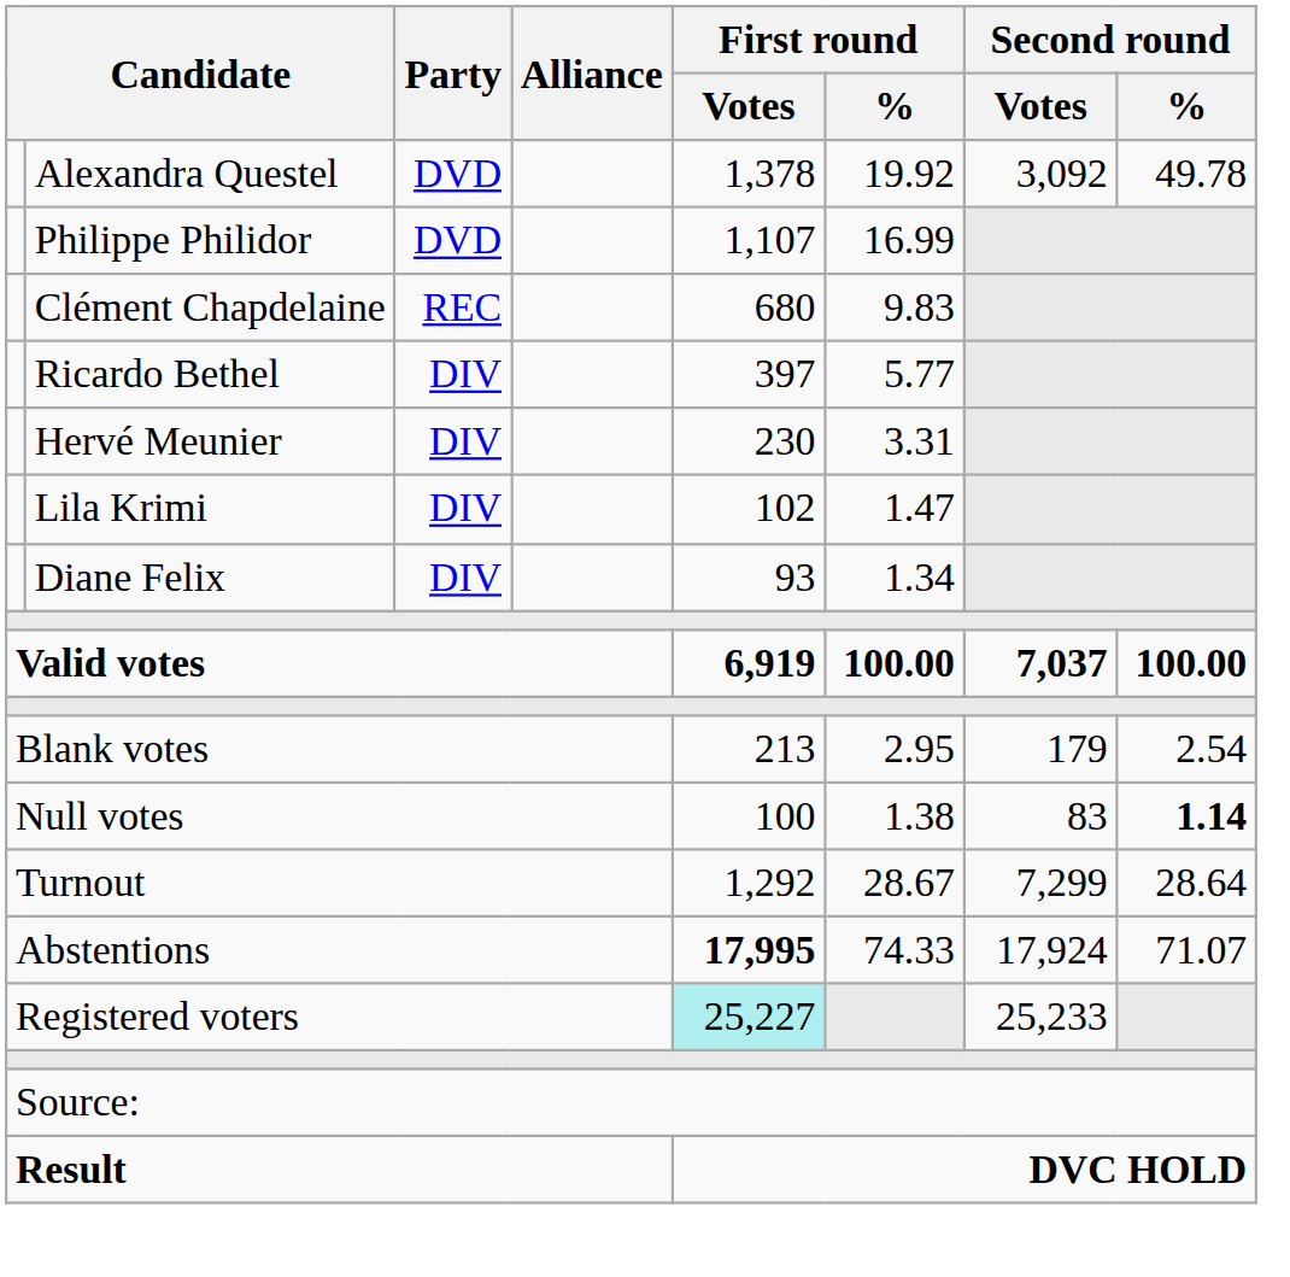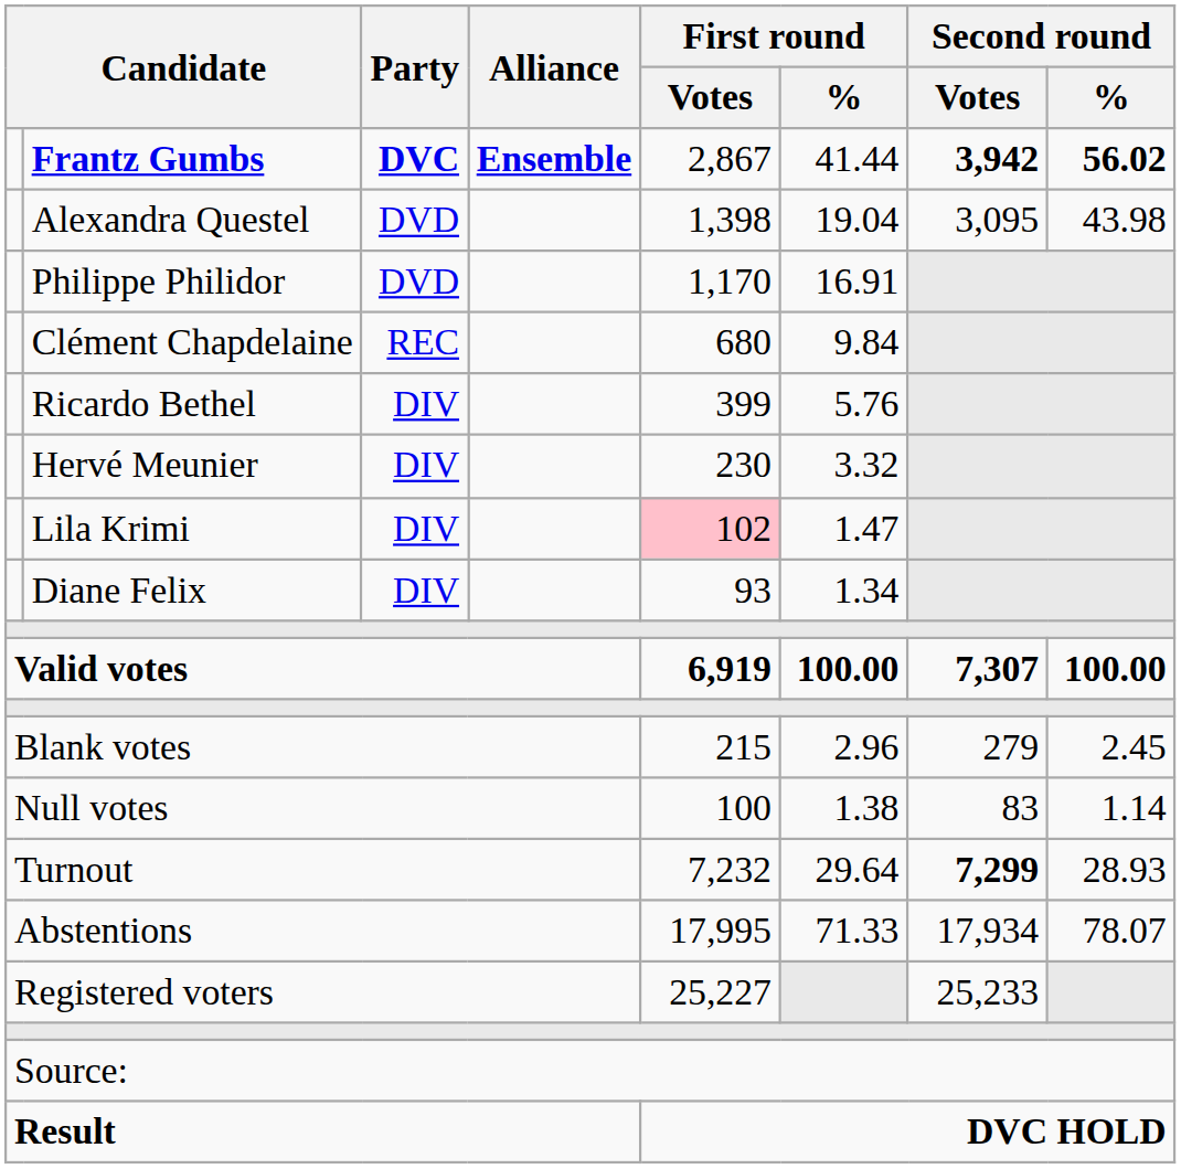 <table class="wikitable" style="text-align:right;font-size:95%;">
 <tr>
 <th colspan="2" rowspan="2">Candidate</th>
 <th colspan="1" rowspan="2">Party</th>
 <th colspan="1" rowspan="2">Alliance</th>
 <th colspan="2">First round</th>
 <th colspan="2">Second round</th>
 </tr>
 <tr>
 <th style="width:50px;">Votes</th>
 <th style="width:45px;">%</th>
 <th style="width:50px;">Votes</th>
 <th style="width:45px;">%</th>
 </tr>
 <tr>
 <td style="color:inherit;background:"></td>
+<td style="text-align:left;"><strong><a href='#'>Frantz Gumbs</a></strong></td>
+<td><a href='#'><strong>DVC</strong></a></td>
+<td><a href='#'><strong>Ensemble</strong></a></td>
+<td>2,867</td>
+<td>41.44</td>
+<td><strong>3,942</strong></td>
+<td><strong>56.02</strong></td>
+</tr>
+<tr>
+<td style="color:inherit;background:"></td>
 <td style="text-align:left;">Alexandra Questel</td>
 <td><a href='#'>DVD</a></td>
 <td></td>
-<td>1,378</td>
-<td>19.92</td>
-<td>3,092</td>
-<td>49.78</td>
+<td>1,398</td>
+<td>19.04</td>
+<td>3,095</td>
+<td>43.98</td>
 </tr>
 <tr>
 <td style="color:inherit;background:"></td>
 <td style="text-align:left;">Philippe Philidor</td>
 <td><a href='#'>DVD</a></td>
 <td></td>
-<td>1,107</td>
-<td>16.99</td>
+<td>1,170</td>
+<td>16.91</td>
 <td colspan="2" rowspan="1" style="background:#E9E9E9;"></td>
 </tr>
 <tr>
 <td style="color:inherit;background:"></td>
 <td style="text-align:left;">Clément Chapdelaine</td>
 <td><a href='#'>REC</a></td>
 <td></td>
 <td>680</td>
-<td>9.83</td>
+<td>9.84</td>
 <td colspan="2" rowspan="1" style="background:#E9E9E9;"></td>
 </tr>
 <tr>
 <td style="color:inherit;background:"></td>
 <td style="text-align:left;">Ricardo Bethel</td>
 <td><a href='#'>DIV</a></td>
 <td></td>
-<td>397</td>
-<td>5.77</td>
+<td>399</td>
+<td>5.76</td>
 <td colspan="2" rowspan="1" style="background:#E9E9E9;"></td>
 </tr>
 <tr>
 <td style="color:inherit;background:"></td>
 <td style="text-align:left;">Hervé Meunier</td>
 <td><a href='#'>DIV</a></td>
 <td></td>
 <td>230</td>
-<td>3.31</td>
+<td>3.32</td>
 <td colspan="2" rowspan="1" style="background:#E9E9E9;"></td>
 </tr>
 <tr>
 <td style="color:inherit;background:"></td>
 <td style="text-align:left;">Lila Krimi</td>
 <td><a href='#'>DIV</a></td>
 <td></td>
-<td>102</td>
+<td style="background: pink;">102</td>
 <td>1.47</td>
 <td colspan="2" rowspan="1" style="background:#E9E9E9;"></td>
 </tr>
 <tr>
 <td style="color:inherit;background:"></td>
 <td style="text-align:left;">Diane Felix</td>
 <td><a href='#'>DIV</a></td>
 <td></td>
 <td>93</td>
 <td>1.34</td>
 <td colspan="2" rowspan="1" style="background:#E9E9E9;"></td>
 </tr>
 <tr>
 <td colspan="8" style="background:#E9E9E9;"></td>
 </tr>
 <tr style="font-weight:bold;">
 <td colspan="4" style="text-align:left;">Valid votes</td>
 <td>6,919</td>
 <td>100.00</td>
-<td>7,037</td>
+<td>7,307</td>
 <td>100.00</td>
 </tr>
 <tr>
 <td colspan="8" style="background:#E9E9E9;"></td>
 </tr>
 <tr>
 <td colspan="4" style="text-align:left;">Blank votes</td>
-<td>213</td>
-<td>2.95</td>
-<td>179</td>
-<td>2.54</td>
+<td>215</td>
+<td>2.96</td>
+<td>279</td>
+<td>2.45</td>
 </tr>
 <tr>
 <td colspan="4" style="text-align:left;">Null votes</td>
 <td>100</td>
 <td>1.38</td>
 <td>83</td>
-<td><strong>1.14</strong></td>
+<td>1.14</td>
 </tr>
 <tr>
 <td colspan="4" style="text-align:left;">Turnout</td>
-<td>1,292</td>
-<td>28.67</td>
-<td>7,299</td>
-<td>28.64</td>
+<td>7,232</td>
+<td>29.64</td>
+<td><strong>7,299</strong></td>
+<td>28.93</td>
 </tr>
 <tr>
 <td colspan="4" style="text-align:left;">Abstentions</td>
-<td><strong>17,995</strong></td>
-<td>74.33</td>
-<td>17,924</td>
-<td>71.07</td>
+<td>17,995</td>
+<td>71.33</td>
+<td>17,934</td>
+<td>78.07</td>
 </tr>
 <tr>
 <td colspan="4" style="text-align:left;">Registered voters</td>
-<td style="background: paleturquoise;">25,227</td>
+<td>25,227</td>
 <td style="background:#E9E9E9;"></td>
 <td>25,233</td>
 <td style="background:#E9E9E9;"></td>
 </tr>
 <tr>
 <td colspan="8" style="background:#E9E9E9;"></td>
 </tr>
 <tr>
 <td colspan="8" style="text-align:left;">Source: </td>
 </tr>
 <tr style="font-weight:bold">
 <td colspan="4" style="text-align:left;">Result</td>
 <td colspan="4" style="background-color:">DVC HOLD</td>
 </tr>
 </table>
